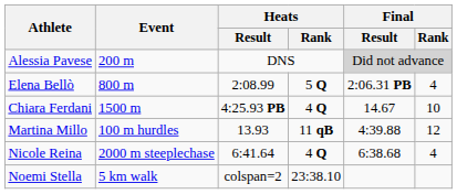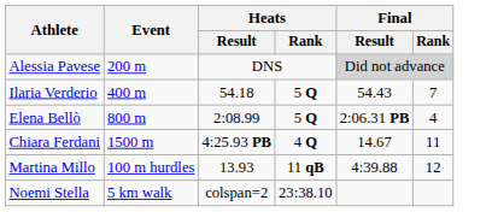 <table class="wikitable" style="font-size:90%">
 <tr>
 <th rowspan=2>Athlete</th>
 <th rowspan=2>Event</th>
 <th colspan=2>Heats</th>
 <th colspan=2>Final</th>
 </tr>
 <tr style="font-size:95%">
 <th>Result</th>
 <th>Rank</th>
 <th>Result</th>
 <th>Rank</th>
 </tr>
 <tr align=center>
 <td align=left><a href='#'>Alessia Pavese</a></td>
 <td align=left><a href='#'>200 m</a></td>
 <td colspan="2">DNS</td>
 <td colspan="2" style="background:lightgray">Did not advance</td>
 </tr>
 <tr align=center>
+<td align=left><a href='#'>Ilaria Verderio</a></td>
+<td align=left><a href='#'>400 m</a></td>
+<td>54.18</td>
+<td>5 <strong>Q</strong></td>
+<td>54.43</td>
+<td>7</td>
+</tr>
+<tr align=center>
 <td align=left><a href='#'>Elena Bellò</a></td>
 <td align=left><a href='#'>800 m</a></td>
 <td>2:08.99</td>
 <td>5 <strong>Q</strong></td>
 <td>2:06.31 <strong>PB</strong></td>
 <td>4</td>
 </tr>
 <tr align=center>
 <td align=left><a href='#'>Chiara Ferdani</a></td>
 <td align=left><a href='#'>1500 m</a></td>
 <td>4:25.93 <strong>PB</strong></td>
 <td>4 <strong>Q</strong></td>
 <td>14.67</td>
-<td>10</td>
+<td>11</td>
 </tr>
 <tr align=center>
 <td align=left><a href='#'>Martina Millo</a></td>
 <td align=left><a href='#'>100 m hurdles</a></td>
 <td>13.93</td>
 <td>11 <strong>qB</strong></td>
 <td>4:39.88</td>
 <td>12</td>
 </tr>
 <tr align=center>
-<td align=left><a href='#'>Nicole Reina</a></td>
-<td align=left><a href='#'>2000 m steeplechase</a></td>
-<td>6:41.64</td>
-<td>4 <strong>Q</strong></td>
-<td>6:38.68</td>
-<td>4</td>
-</tr>
-<tr align=center>
 <td align=left><a href='#'>Noemi Stella</a></td>
 <td align=left><a href='#'>5 km walk</a></td>
 <td>colspan=2 </td>
 <td>23:38.10</td>
 <td></td>
 </tr>
 </table>
